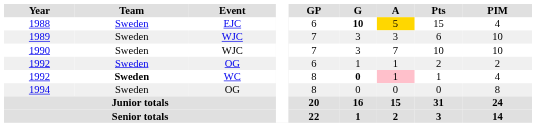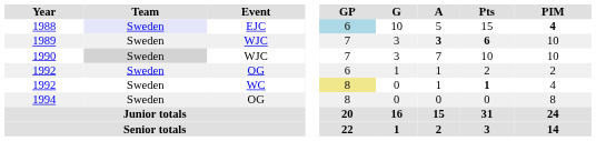 <table border="0" cellpadding="1" cellspacing="0" style="text-align:center; width:50em">
 <tr ALIGN="center" bgcolor="#e0e0e0">
 <th>Year</th>
 <th>Team</th>
 <th>Event</th>
 <th rowspan="99" bgcolor="#ffffff"> </th>
 <th>GP</th>
 <th>G</th>
 <th>A</th>
 <th>Pts</th>
 <th>PIM</th>
 </tr>
 <tr>
 <td><a href='#'>1988</a></td>
-<td><a href='#'>Sweden</a></td>
+<td style="background: lavender;"><a href='#'>Sweden</a></td>
 <td><a href='#'>EJC</a></td>
-<td>6</td>
-<td><strong>10</strong></td>
-<td style="background: gold;">5</td>
+<td style="background: lightblue;">6</td>
+<td>10</td>
+<td>5</td>
 <td>15</td>
-<td>4</td>
+<td><strong>4</strong></td>
 </tr>
 <tr bgcolor="#f0f0f0">
 <td><a href='#'>1989</a></td>
 <td>Sweden</td>
 <td><a href='#'>WJC</a></td>
 <td>7</td>
 <td>3</td>
-<td>3</td>
-<td>6</td>
+<td><strong>3</strong></td>
+<td><strong>6</strong></td>
 <td>10</td>
 </tr>
 <tr>
 <td><a href='#'>1990</a></td>
-<td>Sweden</td>
+<td style="background: lightgrey;">Sweden</td>
 <td>WJC</td>
 <td>7</td>
 <td>3</td>
 <td>7</td>
 <td>10</td>
 <td>10</td>
 </tr>
 <tr bgcolor="#f0f0f0">
 <td><a href='#'>1992</a></td>
 <td><a href='#'>Sweden</a></td>
 <td><a href='#'>OG</a></td>
 <td>6</td>
 <td>1</td>
 <td>1</td>
 <td>2</td>
 <td>2</td>
 </tr>
 <tr>
 <td><a href='#'>1992</a></td>
-<td><strong>Sweden</strong></td>
+<td>Sweden</td>
 <td><a href='#'>WC</a></td>
-<td>8</td>
-<td><strong>0</strong></td>
-<td style="background: pink;">1</td>
+<td style="background: khaki;">8</td>
+<td>0</td>
 <td>1</td>
+<td><strong>1</strong></td>
 <td>4</td>
 </tr>
 <tr bgcolor="#f0f0f0">
 <td><a href='#'>1994</a></td>
 <td>Sweden</td>
 <td>OG</td>
 <td>8</td>
 <td>0</td>
 <td>0</td>
 <td>0</td>
 <td>8</td>
 </tr>
 <tr bgcolor="#e0e0e0">
 <th colspan=3>Junior totals</th>
 <th>20</th>
 <th>16</th>
 <th>15</th>
 <th>31</th>
 <th>24</th>
 </tr>
 <tr bgcolor="#e0e0e0">
 <th colspan=3>Senior totals</th>
 <th>22</th>
 <th>1</th>
 <th>2</th>
 <th>3</th>
 <th>14</th>
 </tr>
 </table>
